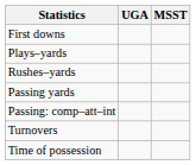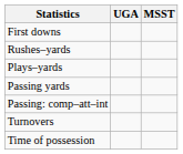 <table class="wikitable" style="float:left">
 <tr>
 <th>Statistics</th>
 <th>UGA</th>
 <th>MSST</th>
 </tr>
 <tr>
 <td>First downs</td>
 <td></td>
 <td></td>
 </tr>
 <tr>
-<td>Plays–yards</td>
+<td>Rushes–yards</td>
 <td></td>
 <td></td>
 </tr>
 <tr>
-<td>Rushes–yards</td>
+<td>Plays–yards</td>
 <td></td>
 <td></td>
 </tr>
 <tr>
 <td>Passing yards</td>
 <td></td>
 <td></td>
 </tr>
 <tr>
 <td>Passing: comp–att–int</td>
 <td></td>
 <td></td>
 </tr>
 <tr>
 <td>Turnovers</td>
 <td></td>
 <td></td>
 </tr>
 <tr>
 <td>Time of possession</td>
 <td></td>
 <td></td>
 </tr>
 </table>
